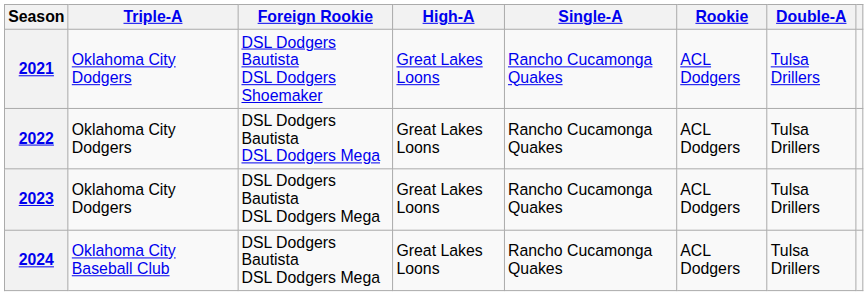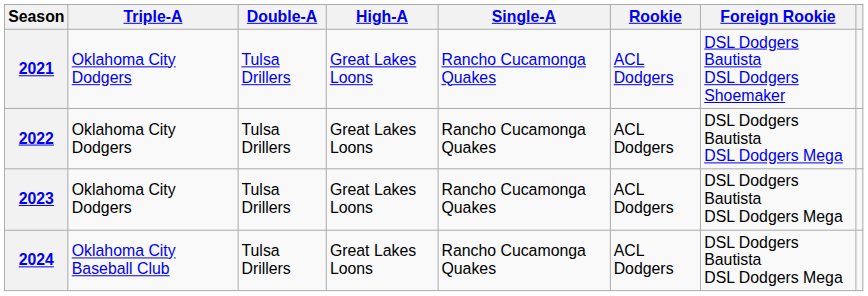 <table class="wikitable plainrowheaders">
 <tr>
 <th scope="col">Season</th>
 <th scope="col"><a href='#'><span>Triple-A</span></a></th>
-<th scope="col"><a href='#'><span>Foreign Rookie</span></a></th>
+<th scope="col"><a href='#'><span>Double-A</span></a></th>
 <th scope="col"><a href='#'><span>High-A</span></a></th>
 <th scope="col"><a href='#'><span>Single-A</span></a></th>
 <th scope="col"><a href='#'><span>Rookie</span></a></th>
-<th scope="col"><a href='#'><span>Double-A</span></a></th>
+<th scope="col"><a href='#'><span>Foreign Rookie</span></a></th>
 <th scope="col"></th>
 </tr>
 <tr>
 <th scope="row" style="text-align:center"><a href='#'>2021</a></th>
 <td><a href='#'>Oklahoma City Dodgers</a></td>
-<td><a href='#'>DSL Dodgers Bautista</a><br><a href='#'>DSL Dodgers Shoemaker</a></td>
+<td><a href='#'>Tulsa Drillers</a></td>
 <td><a href='#'>Great Lakes Loons</a></td>
 <td><a href='#'>Rancho Cucamonga Quakes</a></td>
 <td><a href='#'>ACL Dodgers</a></td>
-<td><a href='#'>Tulsa Drillers</a></td>
+<td><a href='#'>DSL Dodgers Bautista</a><br><a href='#'>DSL Dodgers Shoemaker</a></td>
 <td align="center"></td>
 </tr>
 <tr>
 <th scope="row" style="text-align:center"><a href='#'>2022</a></th>
 <td>Oklahoma City Dodgers</td>
-<td>DSL Dodgers Bautista<br><a href='#'>DSL Dodgers Mega</a></td>
+<td>Tulsa Drillers</td>
 <td>Great Lakes Loons</td>
 <td>Rancho Cucamonga Quakes</td>
 <td>ACL Dodgers</td>
-<td>Tulsa Drillers</td>
+<td>DSL Dodgers Bautista<br><a href='#'>DSL Dodgers Mega</a></td>
 <td align="center"></td>
 </tr>
 <tr>
 <th scope="row" style="text-align:center"><a href='#'>2023</a></th>
 <td>Oklahoma City Dodgers</td>
-<td>DSL Dodgers Bautista<br>DSL Dodgers Mega</td>
+<td>Tulsa Drillers</td>
 <td>Great Lakes Loons</td>
 <td>Rancho Cucamonga Quakes</td>
 <td>ACL Dodgers</td>
-<td>Tulsa Drillers</td>
+<td>DSL Dodgers Bautista<br>DSL Dodgers Mega</td>
 <td align="center"></td>
 </tr>
 <tr>
 <th scope="row" style="text-align:center"><a href='#'>2024</a></th>
 <td><a href='#'>Oklahoma City Baseball Club</a></td>
-<td>DSL Dodgers Bautista<br>DSL Dodgers Mega</td>
+<td>Tulsa Drillers</td>
 <td>Great Lakes Loons</td>
 <td>Rancho Cucamonga Quakes</td>
 <td>ACL Dodgers</td>
-<td>Tulsa Drillers</td>
+<td>DSL Dodgers Bautista<br>DSL Dodgers Mega</td>
 <td align="center"></td>
 </tr>
 </table>
